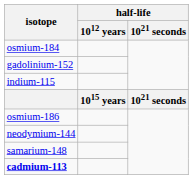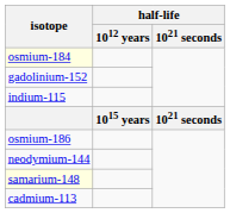 <table class="wikitable sortable">
 <tr>
 <th rowspan=2>isotope</th>
 <th colspan=2>half-life</th>
 </tr>
 <tr>
 <th class=unsortable>10<sup>12</sup> years</th>
 <th class=unsortable>10<sup>21</sup> seconds</th>
 </tr>
 <tr>
-<td><a href='#'>osmium-184</a></td>
+<td style="background: lightyellow;"><a href='#'>osmium-184</a></td>
 <td></td>
 </tr>
 <tr>
 <td><a href='#'>gadolinium-152</a></td>
 <td></td>
 </tr>
 <tr>
 <td><a href='#'>indium-115</a></td>
 <td></td>
 </tr>
 <tr>
 <th></th>
 <th class=unsortable>10<sup>15</sup> years</th>
 <th class=unsortable>10<sup>21</sup> seconds</th>
 </tr>
 <tr>
 <td><a href='#'>osmium-186</a></td>
 <td></td>
 </tr>
 <tr>
 <td><a href='#'>neodymium-144</a></td>
 <td></td>
 </tr>
 <tr>
-<td><a href='#'>samarium-148</a></td>
+<td style="background: lightyellow;"><a href='#'>samarium-148</a></td>
 <td></td>
 </tr>
 <tr>
-<td><strong><a href='#'>cadmium-113</a></strong></td>
+<td><a href='#'>cadmium-113</a></td>
 <td></td>
 </tr>
 </table>
